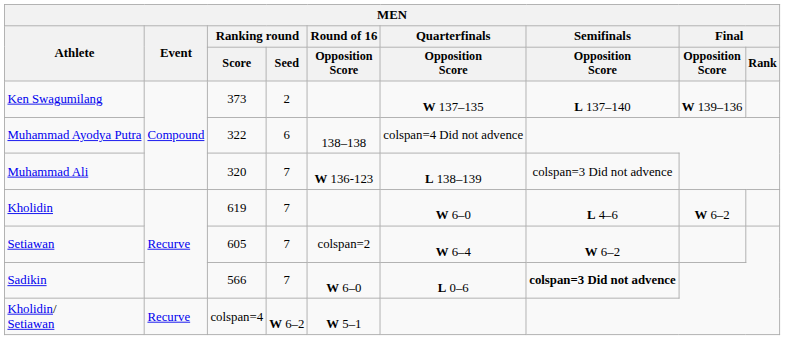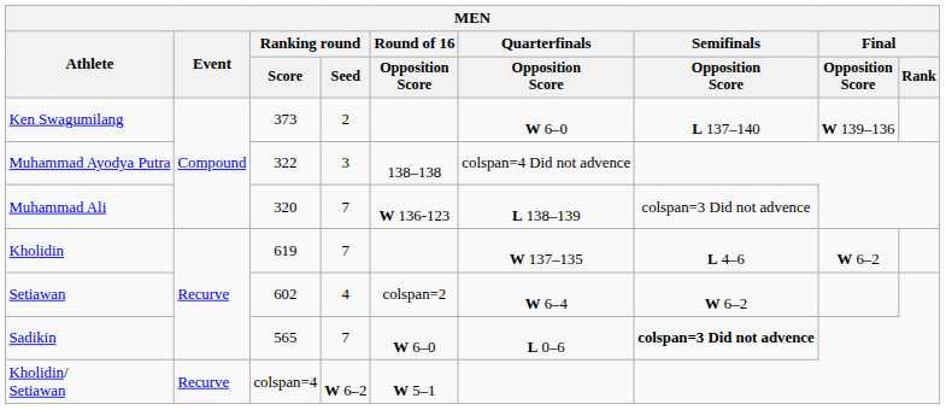 <table class="wikitable" style="font-size:90%">
 <tr>
 <th colspan="9">MEN</th>
 </tr>
 <tr>
 <th rowspan=2>Athlete</th>
 <th rowspan=2>Event</th>
 <th colspan="2">Ranking round</th>
 <th>Round of 16</th>
 <th>Quarterfinals</th>
 <th>Semifinals</th>
 <th colspan="2">Final</th>
 </tr>
 <tr style="font-size:95%">
 <th>Score</th>
 <th>Seed</th>
 <th>Opposition<br>Score</th>
 <th>Opposition<br>Score</th>
 <th>Opposition<br>Score</th>
 <th>Opposition<br>Score</th>
 <th>Rank</th>
 </tr>
 <tr align=center>
 <td align=left><a href='#'>Ken Swagumilang</a></td>
 <td rowspan="3" align=left><a href='#'>Compound</a></td>
 <td>373</td>
 <td>2</td>
 <td></td>
-<td><br> <strong>W</strong> 137–135</td>
+<td><br><strong>W</strong> 6–0</td>
 <td><br> <strong>L</strong> 137–140</td>
 <td><br> <strong>W</strong> 139–136</td>
 <td></td>
 </tr>
 <tr align=center>
 <td align=left><a href='#'>Muhammad Ayodya Putra</a></td>
 <td>322</td>
-<td>6</td>
+<td>3</td>
 <td><br> <strong> </strong> 138–138</td>
 <td>colspan=4 Did not advence</td>
 </tr>
 <tr align=center>
 <td align=left><a href='#'>Muhammad Ali</a></td>
 <td>320</td>
 <td>7</td>
 <td><br><strong>W</strong> 136-123</td>
 <td><br> <strong>L</strong> 138–139</td>
 <td>colspan=3 Did not advence</td>
 </tr>
 <tr align=center>
 <td align=left><a href='#'>Kholidin</a></td>
 <td rowspan="3" align=left><a href='#'>Recurve</a></td>
 <td>619</td>
 <td>7</td>
 <td></td>
-<td><br><strong>W</strong> 6–0</td>
+<td><br> <strong>W</strong> 137–135</td>
 <td><br><strong>L</strong> 4–6</td>
 <td><br><strong>W</strong> 6–2</td>
 <td></td>
 </tr>
 <tr align=center>
 <td align=left><a href='#'>Setiawan</a></td>
-<td>605</td>
-<td>7</td>
+<td>602</td>
+<td>4</td>
 <td>colspan=2 </td>
 <td><br><strong>W</strong> 6–4</td>
 <td><br><strong>W</strong> 6–2</td>
 <td></td>
 </tr>
 <tr align=center>
 <td align=left><a href='#'>Sadikin</a></td>
-<td>566</td>
+<td>565</td>
 <td>7</td>
 <td><br><strong>W</strong> 6–0</td>
 <td><br><strong>L</strong> 0–6</td>
 <td><strong>colspan=3 Did not advence</strong></td>
 </tr>
 <tr align=center>
 <td align=left><a href='#'>Kholidin</a>/<br><a href='#'>Setiawan</a></td>
 <td align=left><a href='#'>Recurve</a></td>
 <td>colspan=4 </td>
 <td><br><strong>W</strong> 6–2</td>
 <td><br><strong>W</strong> 5–1</td>
 <td></td>
 </tr>
 </table>
